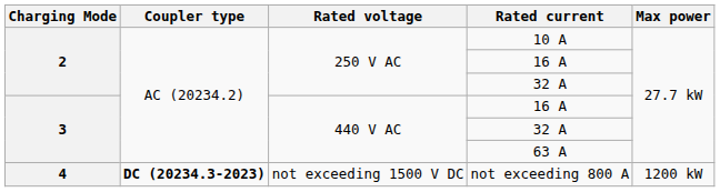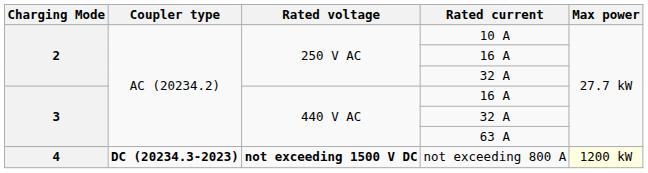 <table class="wikitable" style="font-size:100%;text-align:center;">
 <tr>
 <th>Charging Mode</th>
 <th>Coupler type</th>
 <th>Rated voltage</th>
 <th>Rated current</th>
 <th>Max power</th>
 </tr>
 <tr>
 <th rowspan=3>2</th>
 <td rowspan=6>AC (20234.2)</td>
 <td rowspan=3>250 V AC</td>
 <td>10 A</td>
 <td rowspan=6>27.7 kW</td>
 </tr>
 <tr>
 <td>16 A</td>
 </tr>
 <tr>
 <td>32 A</td>
 </tr>
 <tr>
 <th rowspan=3>3</th>
 <td rowspan=3>440 V AC</td>
 <td>16 A</td>
 </tr>
 <tr>
 <td>32 A</td>
 </tr>
 <tr>
 <td>63 A</td>
 </tr>
 <tr>
 <th>4</th>
 <td><strong>DC (20234.3-2023)</strong></td>
-<td>not exceeding 1500 V DC</td>
+<td><strong>not exceeding 1500 V DC</strong></td>
 <td>not exceeding 800 A</td>
-<td>1200 kW</td>
+<td style="background: lightyellow;">1200 kW</td>
 </tr>
 </table>
